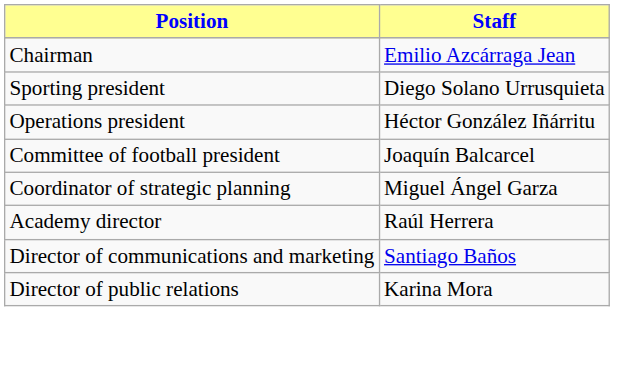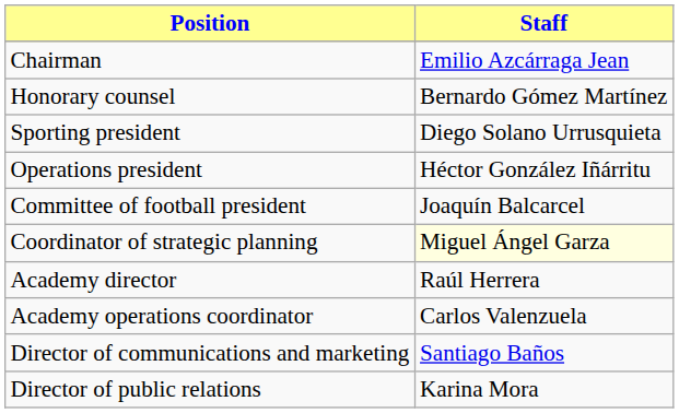 <table class="wikitable">
 <tr>
 <th style=background-color:#FFFF91;color:Blue>Position</th>
 <th style=background-color:#FFFF91;color:Blue>Staff</th>
 </tr>
 <tr>
 </tr>
 <tr>
 <td>Chairman</td>
 <td><a href='#'>Emilio Azcárraga Jean</a></td>
+</tr>
+<tr>
+<td>Honorary counsel</td>
+<td>Bernardo Gómez Martínez</td>
 </tr>
 <tr>
 <td>Sporting president</td>
 <td>Diego Solano Urrusquieta</td>
 </tr>
 <tr>
 <td>Operations president</td>
 <td>Héctor González Iñárritu</td>
 </tr>
 <tr>
 <td>Committee of football president</td>
 <td>Joaquín Balcarcel</td>
 </tr>
 <tr>
 <td>Coordinator of strategic planning</td>
-<td>Miguel Ángel Garza</td>
+<td style="background: lightyellow;">Miguel Ángel Garza</td>
 </tr>
 <tr>
 <td>Academy director</td>
 <td>Raúl Herrera</td>
+</tr>
+<tr>
+<td>Academy operations coordinator</td>
+<td>Carlos Valenzuela</td>
 </tr>
 <tr>
 <td>Director of communications and marketing</td>
 <td><a href='#'>Santiago Baños</a></td>
 </tr>
 <tr>
 <td>Director of public relations</td>
 <td>Karina Mora</td>
 </tr>
 </table>
